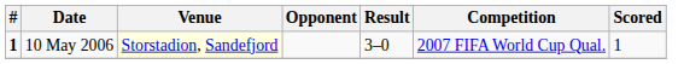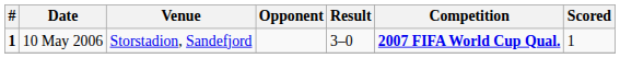 <table class="wikitable">
 <tr>
 <th>#</th>
 <th>Date</th>
 <th>Venue</th>
 <th>Opponent</th>
 <th>Result</th>
 <th>Competition</th>
 <th>Scored</th>
 </tr>
 <tr>
 <td><strong>1</strong></td>
 <td>10 May 2006</td>
-<td style="background: lightyellow;"><a href='#'>Storstadion</a>, <a href='#'>Sandefjord</a></td>
+<td><a href='#'>Storstadion</a>, <a href='#'>Sandefjord</a></td>
 <td></td>
 <td>3–0</td>
-<td><a href='#'>2007 FIFA World Cup Qual.</a></td>
+<td><strong><a href='#'>2007 FIFA World Cup Qual.</a></strong></td>
 <td>1</td>
 </tr>
 <tr>
 </tr>
 </table>
